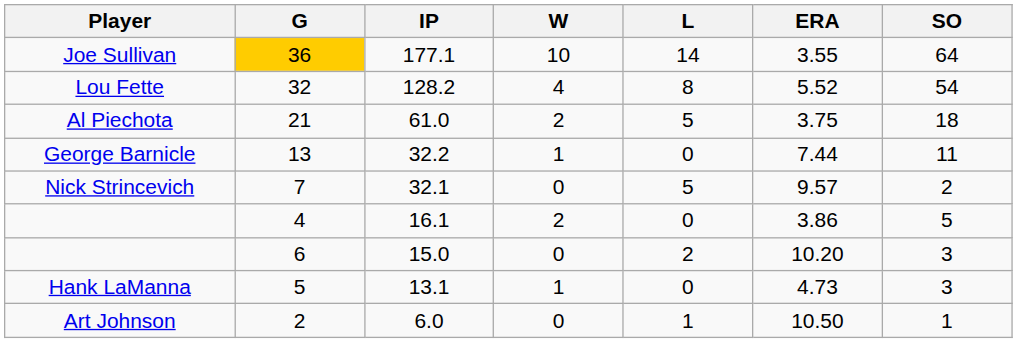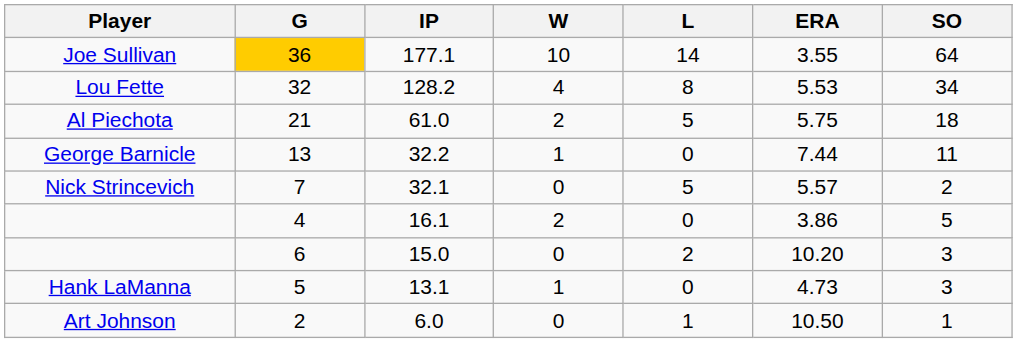 <table class="wikitable sortable">
 <tr>
 <th bgcolor="#DDDDFF" width="16%">Player</th>
 <th bgcolor="#DDDDFF" width="9%">G</th>
 <th bgcolor="#DDDDFF" width="9%">IP</th>
 <th bgcolor="#DDDDFF" width="9%">W</th>
 <th bgcolor="#DDDDFF" width="9%">L</th>
 <th bgcolor="#DDDDFF" width="9%">ERA</th>
 <th bgcolor="#DDDDFF" width="9%">SO</th>
 </tr>
 <tr align="center">
 <td><a href='#'>Joe Sullivan</a></td>
 <td style="background:#fc0;">36</td>
 <td>177.1</td>
 <td>10</td>
 <td>14</td>
 <td>3.55</td>
 <td>64</td>
 </tr>
 <tr align=center>
 <td><a href='#'>Lou Fette</a></td>
 <td>32</td>
 <td>128.2</td>
 <td>4</td>
 <td>8</td>
-<td>5.52</td>
-<td>54</td>
+<td>5.53</td>
+<td>34</td>
 </tr>
 <tr align=center>
 <td><a href='#'>Al Piechota</a></td>
 <td>21</td>
 <td>61.0</td>
 <td>2</td>
 <td>5</td>
-<td>3.75</td>
+<td>5.75</td>
 <td>18</td>
 </tr>
 <tr align=center>
 <td><a href='#'>George Barnicle</a></td>
 <td>13</td>
 <td>32.2</td>
 <td>1</td>
 <td>0</td>
 <td>7.44</td>
 <td>11</td>
 </tr>
 <tr align=center>
 <td><a href='#'>Nick Strincevich</a></td>
 <td>7</td>
 <td>32.1</td>
 <td>0</td>
 <td>5</td>
-<td>9.57</td>
+<td>5.57</td>
 <td>2</td>
 </tr>
 <tr align=center>
 <td></td>
 <td>4</td>
 <td>16.1</td>
 <td>2</td>
 <td>0</td>
 <td>3.86</td>
 <td>5</td>
 </tr>
 <tr align="center">
 <td></td>
 <td>6</td>
 <td>15.0</td>
 <td>0</td>
 <td>2</td>
 <td>10.20</td>
 <td>3</td>
 </tr>
 <tr align="center">
 <td><a href='#'>Hank LaManna</a></td>
 <td>5</td>
 <td>13.1</td>
 <td>1</td>
 <td>0</td>
 <td>4.73</td>
 <td>3</td>
 </tr>
 <tr align=center>
 <td><a href='#'>Art Johnson</a></td>
 <td>2</td>
 <td>6.0</td>
 <td>0</td>
 <td>1</td>
 <td>10.50</td>
 <td>1</td>
 </tr>
 </table>
